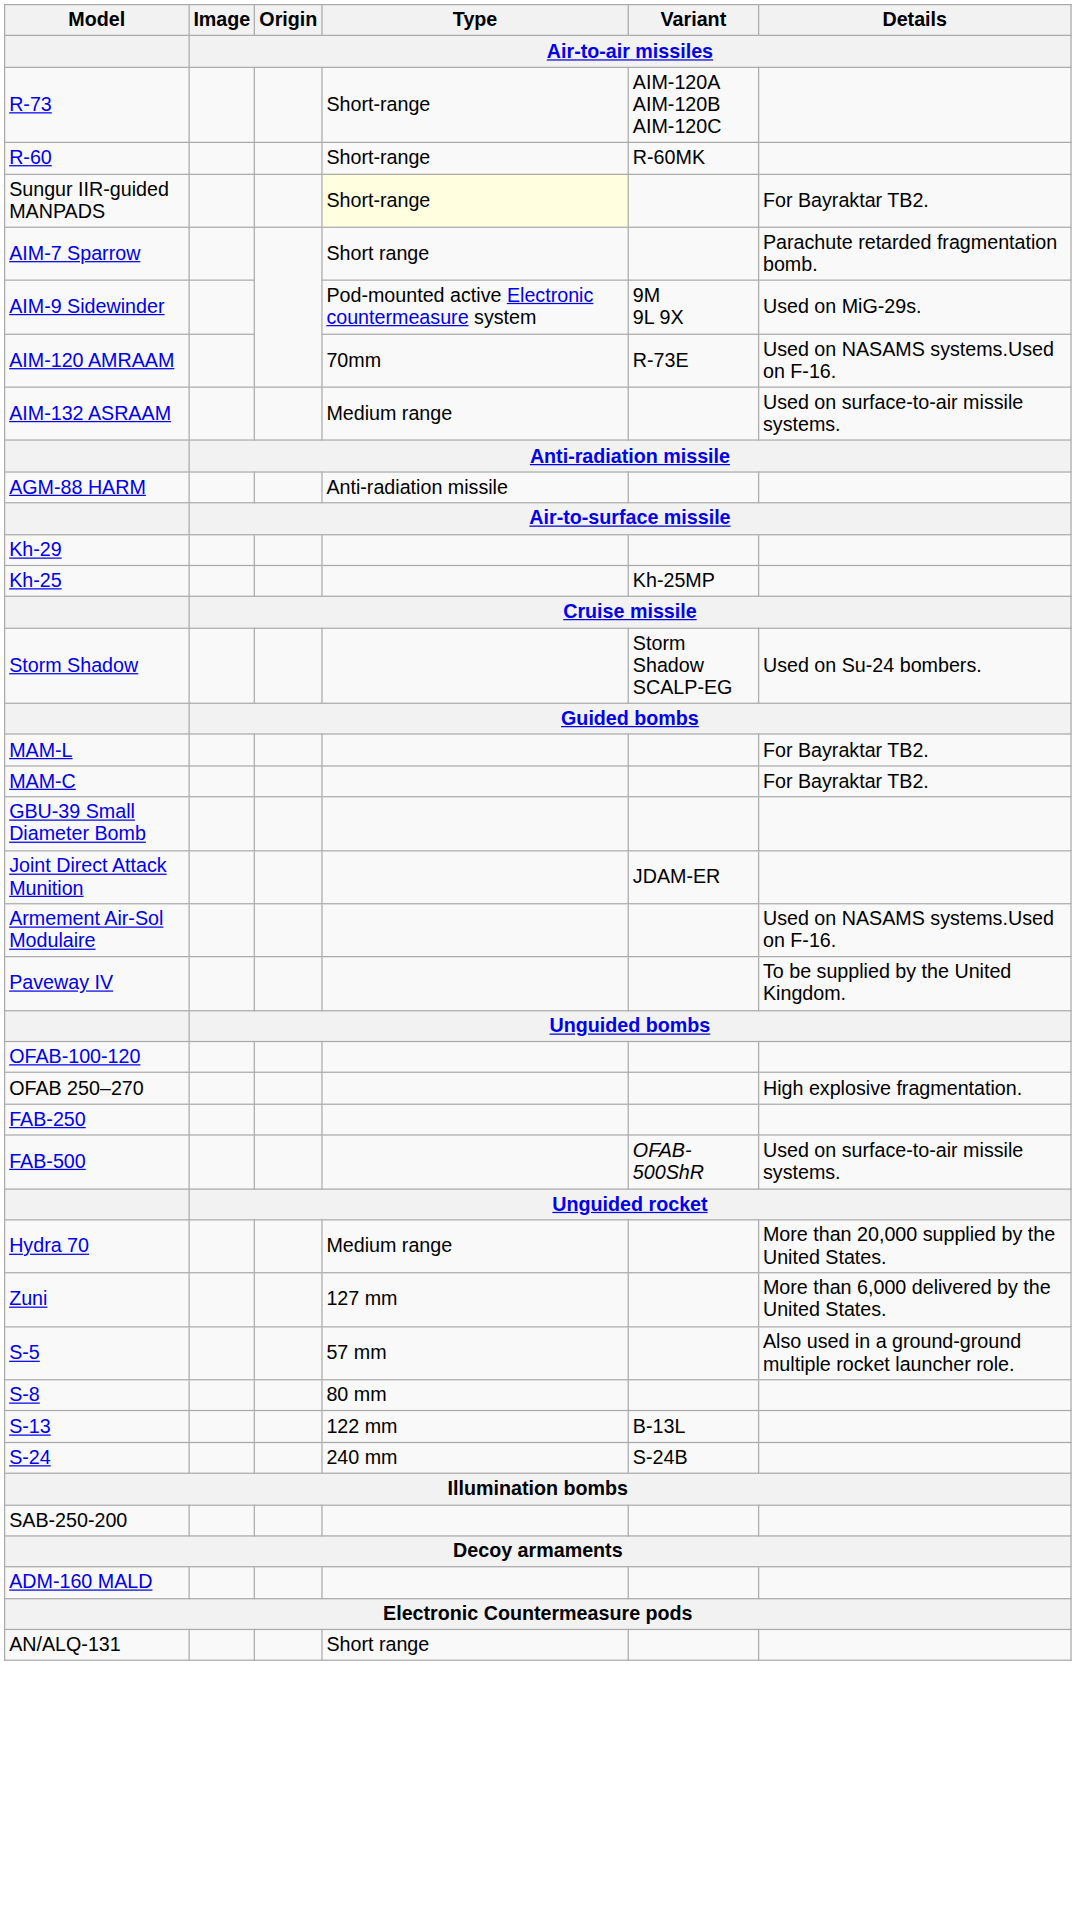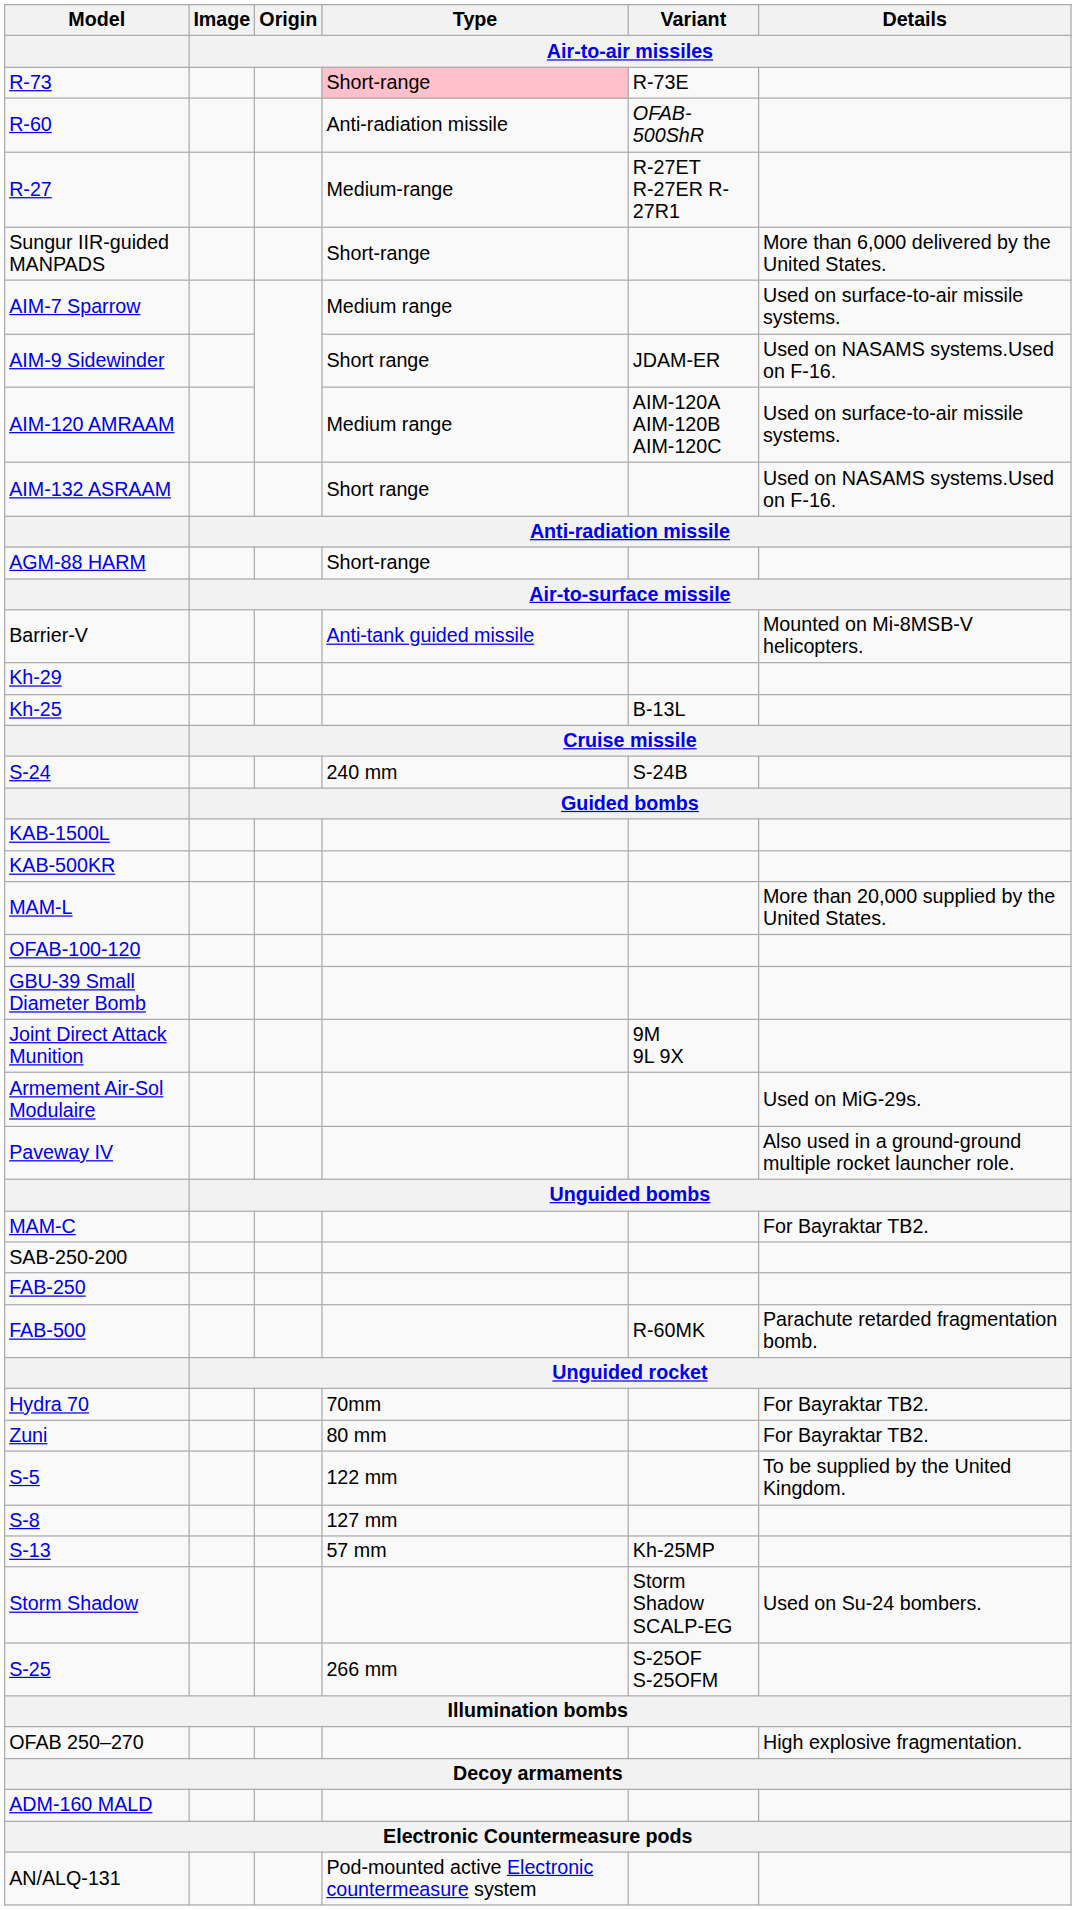 <table class="wikitable">
 <tr>
 <th>Model</th>
 <th>Image</th>
 <th>Origin</th>
 <th>Type</th>
 <th>Variant</th>
 <th>Details</th>
 </tr>
 <tr>
 <th></th>
 <th colspan="5"><a href='#'>Air-to-air missiles</a></th>
 </tr>
 <tr>
 <td><a href='#'>R-73</a></td>
 <td></td>
 <td></td>
-<td>Short-range</td>
-<td>AIM-120A<br>AIM-120B AIM-120C</td>
+<td style="background: pink;">Short-range</td>
+<td>R-73E</td>
 <td></td>
 </tr>
 <tr>
 <td><a href='#'>R-60</a></td>
 <td></td>
 <td><br></td>
-<td>Short-range</td>
-<td>R-60MK</td>
+<td>Anti-radiation missile</td>
+<td><em>OFAB-500ShR</em></td>
+<td></td>
+</tr>
+<tr>
+<td><a href='#'>R-27</a></td>
+<td></td>
+<td><br></td>
+<td>Medium-range</td>
+<td>R-27ET<br>R-27ER R-27R1</td>
 <td></td>
 </tr>
 <tr>
 <td>Sungur IIR-guided MANPADS</td>
 <td></td>
 <td></td>
-<td style="background: lightyellow;">Short-range</td>
+<td>Short-range</td>
 <td></td>
-<td>For Bayraktar TB2.</td>
+<td>More than 6,000 delivered by the United States.</td>
 </tr>
 <tr>
 <td><a href='#'>AIM-7 Sparrow</a></td>
 <td></td>
 <td rowspan="3"></td>
-<td>Short range</td>
+<td>Medium range</td>
 <td></td>
-<td>Parachute retarded fragmentation bomb.</td>
+<td>Used on surface-to-air missile systems.</td>
 </tr>
 <tr>
 <td><a href='#'>AIM-9 Sidewinder</a></td>
 <td></td>
-<td>Pod-mounted active <a href='#'>Electronic countermeasure</a> system</td>
-<td>9M<br>9L 9X</td>
-<td>Used on MiG-29s.</td>
+<td>Short range</td>
+<td>JDAM-ER</td>
+<td>Used on NASAMS systems.Used on F-16.</td>
 </tr>
 <tr>
 <td><a href='#'>AIM-120 AMRAAM</a></td>
 <td></td>
-<td>70mm</td>
-<td>R-73E</td>
-<td>Used on NASAMS systems.Used on F-16.</td>
+<td>Medium range</td>
+<td>AIM-120A<br>AIM-120B AIM-120C</td>
+<td>Used on surface-to-air missile systems.</td>
 </tr>
 <tr>
 <td><a href='#'>AIM-132 ASRAAM</a></td>
 <td></td>
 <td></td>
-<td>Medium range</td>
+<td>Short range</td>
 <td></td>
-<td>Used on surface-to-air missile systems.</td>
+<td>Used on NASAMS systems.Used on F-16.</td>
 </tr>
 <tr>
 <th></th>
 <th colspan="5"><a href='#'>Anti-radiation missile</a></th>
 </tr>
 <tr>
 <td><a href='#'>AGM-88 HARM</a></td>
 <td></td>
 <td></td>
-<td>Anti-radiation missile</td>
+<td>Short-range</td>
 <td></td>
 <td></td>
 </tr>
 <tr>
 <th></th>
 <th colspan="5"><a href='#'>Air-to-surface missile</a></th>
+</tr>
+<tr>
+<td>Barrier-V</td>
+<td></td>
+<td></td>
+<td><a href='#'>Anti-tank guided missile</a></td>
+<td></td>
+<td>Mounted on Mi-8MSB-V helicopters.</td>
 </tr>
 <tr>
 <td><a href='#'>Kh-29</a></td>
 <td></td>
 <td></td>
 <td></td>
 <td></td>
 <td></td>
 </tr>
 <tr>
 <td><a href='#'>Kh-25</a></td>
 <td></td>
 <td></td>
 <td></td>
-<td>Kh-25MP</td>
+<td>B-13L</td>
 <td></td>
 </tr>
 <tr>
 <th></th>
 <th colspan="5"><a href='#'>Cruise missile</a></th>
 </tr>
 <tr>
-<td><a href='#'>Storm Shadow</a></td>
+<td><a href='#'>S-24</a></td>
 <td></td>
-<td><br></td>
 <td></td>
-<td>Storm Shadow<br>SCALP-EG</td>
-<td>Used on Su-24 bombers.</td>
+<td>240 mm</td>
+<td>S-24B</td>
+<td></td>
 </tr>
 <tr>
 <th></th>
 <th colspan="5"><a href='#'>Guided bombs</a></th>
+</tr>
+<tr>
+<td><a href='#'>KAB-1500L</a></td>
+<td></td>
+<td></td>
+<td></td>
+<td></td>
+<td></td>
+</tr>
+<tr>
+<td><a href='#'>KAB-500KR</a></td>
+<td></td>
+<td></td>
+<td></td>
+<td></td>
+<td></td>
 </tr>
 <tr>
 <td><a href='#'>MAM-L</a></td>
 <td></td>
 <td></td>
 <td></td>
 <td></td>
-<td>For Bayraktar TB2.</td>
+<td>More than 20,000 supplied by the United States.</td>
 </tr>
 <tr>
-<td><a href='#'>MAM-C</a></td>
+<td><a href='#'>OFAB-100-120</a></td>
 <td></td>
 <td></td>
 <td></td>
 <td></td>
-<td>For Bayraktar TB2.</td>
+<td></td>
 </tr>
 <tr>
 <td><a href='#'>GBU-39 Small Diameter Bomb</a></td>
 <td></td>
 <td></td>
 <td></td>
 <td></td>
 <td></td>
 </tr>
 <tr>
 <td><a href='#'>Joint Direct Attack Munition</a></td>
 <td></td>
 <td></td>
 <td></td>
-<td>JDAM-ER</td>
+<td>9M<br>9L 9X</td>
 <td></td>
 </tr>
 <tr>
 <td><a href='#'>Armement Air-Sol Modulaire</a></td>
 <td></td>
 <td></td>
 <td></td>
 <td></td>
-<td>Used on NASAMS systems.Used on F-16.</td>
+<td>Used on MiG-29s.</td>
 </tr>
 <tr>
 <td><a href='#'>Paveway IV</a></td>
 <td></td>
 <td></td>
 <td></td>
 <td></td>
-<td>To be supplied by the United Kingdom.</td>
+<td>Also used in a ground-ground multiple rocket launcher role.</td>
 </tr>
 <tr>
 <th></th>
 <th colspan="5"><a href='#'>Unguided bombs</a></th>
 </tr>
 <tr>
-<td><a href='#'>OFAB-100-120</a></td>
+<td><a href='#'>MAM-C</a></td>
+<td></td>
+<td></td>
+<td></td>
+<td></td>
+<td>For Bayraktar TB2.</td>
+</tr>
+<tr>
+<td>SAB-250-200</td>
 <td></td>
 <td></td>
 <td></td>
 <td></td>
 <td></td>
-</tr>
-<tr>
-<td>OFAB 250–270</td>
-<td></td>
-<td></td>
-<td></td>
-<td></td>
-<td>High explosive fragmentation.</td>
 </tr>
 <tr>
 <td><a href='#'>FAB-250</a></td>
 <td></td>
 <td></td>
 <td></td>
 <td></td>
 <td></td>
 </tr>
 <tr>
 <td><a href='#'>FAB-500</a></td>
 <td></td>
 <td></td>
 <td></td>
-<td><em>OFAB-500ShR</em></td>
-<td>Used on surface-to-air missile systems.</td>
+<td>R-60MK</td>
+<td>Parachute retarded fragmentation bomb.</td>
 </tr>
 <tr>
 <th></th>
 <th colspan="5"><a href='#'>Unguided rocket</a></th>
 </tr>
 <tr>
 <td><a href='#'>Hydra 70</a></td>
 <td></td>
 <td></td>
-<td>Medium range</td>
+<td>70mm</td>
 <td></td>
-<td>More than 20,000 supplied by the United States.</td>
+<td>For Bayraktar TB2.</td>
 </tr>
 <tr>
 <td><a href='#'>Zuni</a></td>
 <td></td>
 <td></td>
-<td>127 mm</td>
+<td>80 mm</td>
 <td></td>
-<td>More than 6,000 delivered by the United States.</td>
+<td>For Bayraktar TB2.</td>
 </tr>
 <tr>
 <td><a href='#'>S-5</a></td>
 <td></td>
 <td></td>
-<td>57 mm</td>
+<td>122 mm</td>
 <td></td>
-<td>Also used in a ground-ground multiple rocket launcher role.</td>
+<td>To be supplied by the United Kingdom.</td>
 </tr>
 <tr>
 <td><a href='#'>S-8</a></td>
 <td></td>
 <td></td>
-<td>80 mm</td>
+<td>127 mm</td>
 <td></td>
 <td></td>
 </tr>
 <tr>
 <td><a href='#'>S-13</a></td>
 <td></td>
 <td></td>
-<td>122 mm</td>
-<td>B-13L</td>
+<td>57 mm</td>
+<td>Kh-25MP</td>
 <td></td>
 </tr>
 <tr>
-<td><a href='#'>S-24</a></td>
+<td><a href='#'>Storm Shadow</a></td>
+<td></td>
+<td><br></td>
+<td></td>
+<td>Storm Shadow<br>SCALP-EG</td>
+<td>Used on Su-24 bombers.</td>
+</tr>
+<tr>
+<td><a href='#'>S-25</a></td>
 <td></td>
 <td></td>
-<td>240 mm</td>
-<td>S-24B</td>
+<td>266 mm</td>
+<td>S-25OF<br>S-25OFM</td>
 <td></td>
 </tr>
 <tr>
 <th colspan="6">Illumination bombs</th>
 </tr>
 <tr>
-<td>SAB-250-200</td>
+<td>OFAB 250–270</td>
 <td></td>
 <td></td>
 <td></td>
 <td></td>
-<td></td>
+<td>High explosive fragmentation.</td>
 </tr>
 <tr>
 <th colspan="6">Decoy armaments</th>
 </tr>
 <tr>
 <td><a href='#'>ADM-160 MALD</a></td>
 <td></td>
 <td></td>
 <td></td>
 <td></td>
 <td></td>
 </tr>
 <tr>
 <th colspan="6">Electronic Countermeasure pods</th>
 </tr>
 <tr>
 <td>AN/ALQ-131</td>
 <td></td>
 <td></td>
-<td>Short range</td>
+<td>Pod-mounted active <a href='#'>Electronic countermeasure</a> system</td>
 <td></td>
 <td></td>
 </tr>
 </table>
